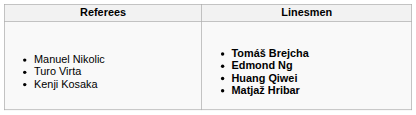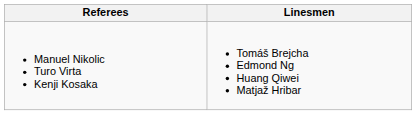 <table class="wikitable" width=600px>
 <tr>
 <th>Referees</th>
 <th>Linesmen</th>
 </tr>
 <tr>
 <td><br><ul><li> Manuel Nikolic</li><li> Turo Virta</li><li> Kenji Kosaka</li></ul></td>
-<td><strong><br><ul><li> Tomáš Brejcha</li><li> Edmond Ng</li><li> Huang Qiwei</li><li> Matjaž Hribar</li></ul></strong></td>
+<td><br><ul><li> Tomáš Brejcha</li><li> Edmond Ng</li><li> Huang Qiwei</li><li> Matjaž Hribar</li></ul></td>
 </tr>
 </table>
